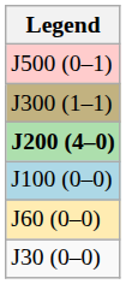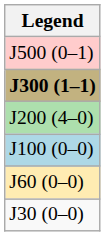 <table class="wikitable" style="font-size:85%;">
 <tr>
 <th>Legend</th>
 </tr>
 <tr bgcolor="ffcccc">
 <td>J500 (0–1)</td>
 </tr>
 <tr bgcolor="C2B280">
-<td>J300 (1–1)</td>
+<td><strong>J300 (1–1)</strong></td>
 </tr>
 <tr bgcolor="ADDFAD">
-<td><strong>J200 (4–0)</strong></td>
+<td>J200 (4–0)</td>
 </tr>
 <tr bgcolor="lightblue">
 <td>J100 (0–0)</td>
 </tr>
 <tr bgcolor="ffecb2">
 <td>J60 (0–0)</td>
 </tr>
 <tr>
 <td>J30 (0–0)</td>
 </tr>
 </table>
